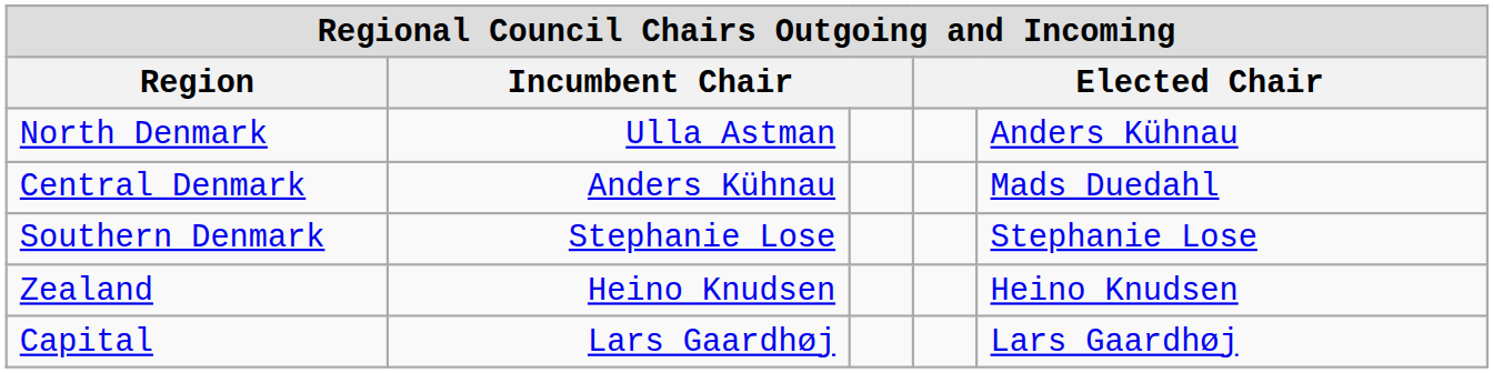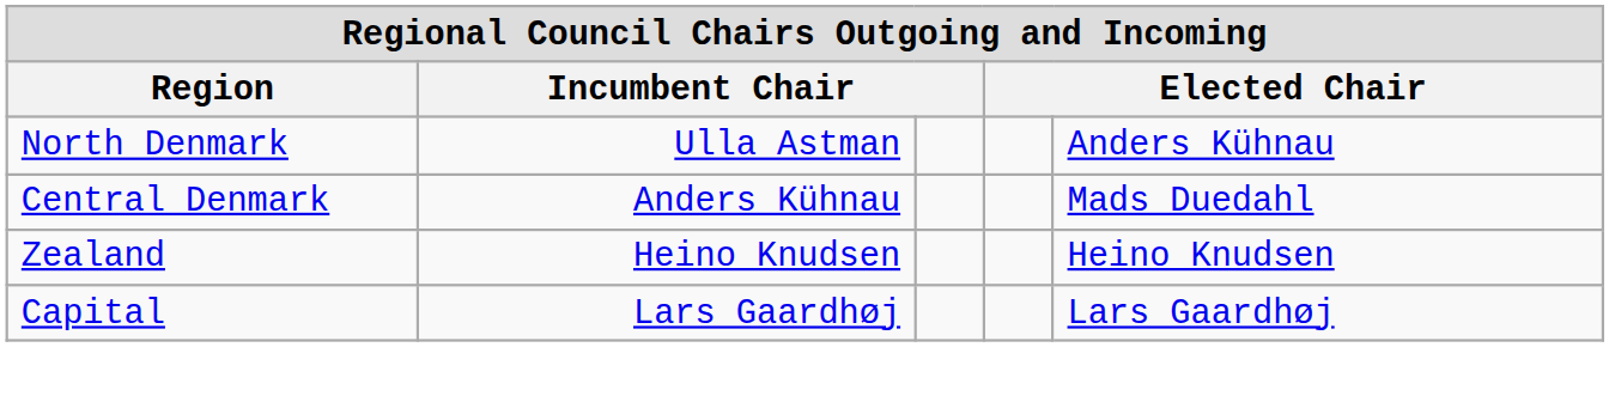 <table class="wikitable" style="margin-left:1em;">
 <tr>
 <td colspan="5" style="background:#dddddd; text-align:center;"><strong>Regional Council Chairs Outgoing and Incoming</strong></td>
 </tr>
 <tr>
 <th style="width:150px;">Region</th>
 <th colspan="2">Incumbent Chair</th>
 <th colspan="2">Elected Chair</th>
 </tr>
 <tr>
 <td style="padding-left:5px;"><a href='#'>North Denmark</a></td>
 <td style="width:180px; text-align:right; padding-right:5px;"><a href='#'>Ulla Astman</a></td>
 <td style="width:20px; background:"></td>
 <td style="width:20px; background:"></td>
 <td style="padding-left:5px;"><a href='#'>Anders Kühnau</a></td>
 </tr>
 <tr>
 <td style="padding-left:5px;"><a href='#'>Central Denmark</a></td>
 <td style="text-align:right; padding-right:5px;"><a href='#'>Anders Kühnau</a></td>
 <td style="width:20px; background:"></td>
 <td style="width:20px; background:"></td>
 <td style="width:200px; padding-left:5px;"><a href='#'>Mads Duedahl</a></td>
 </tr>
 <tr>
-<td style="padding-left:5px;"><a href='#'>Southern Denmark</a></td>
-<td style="text-align:right; padding-right:5px;"><a href='#'>Stephanie Lose</a></td>
-<td style="background:"></td>
-<td style="background:"></td>
-<td style="padding-left:5px;"><a href='#'>Stephanie Lose</a></td>
-</tr>
-<tr>
 <td style="padding-left:5px;"><a href='#'>Zealand</a></td>
 <td style="text-align:right; padding-right:5px;"><a href='#'>Heino Knudsen</a></td>
 <td style="background:"></td>
 <td style="background:"></td>
 <td style="padding-left:5px;"><a href='#'>Heino Knudsen</a></td>
 </tr>
 <tr>
 <td style="padding-left:5px;"><a href='#'>Capital</a></td>
 <td style="text-align:right; padding-right:5px;"><a href='#'>Lars Gaardhøj</a></td>
 <td style="background:"></td>
 <td style="background:"></td>
 <td style="padding-left:5px;"><a href='#'>Lars Gaardhøj</a></td>
 </tr>
 </table>
